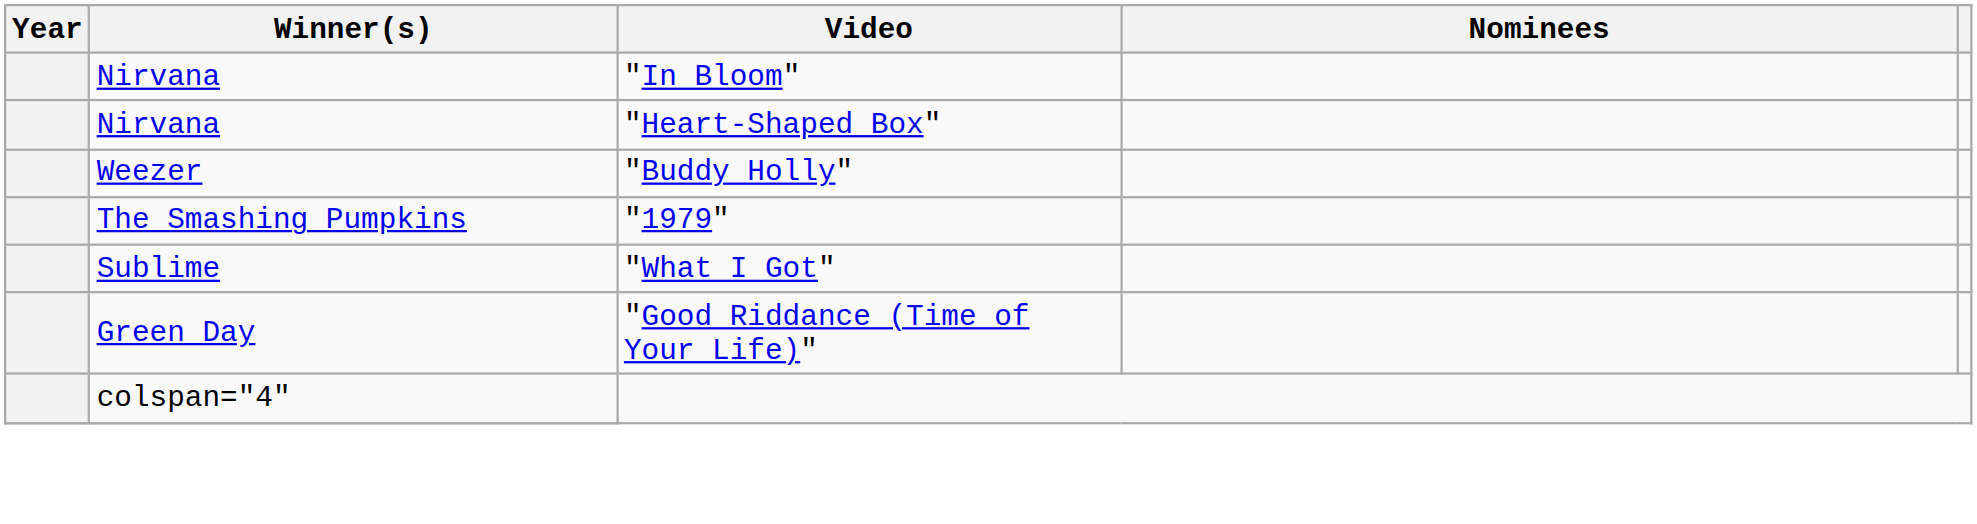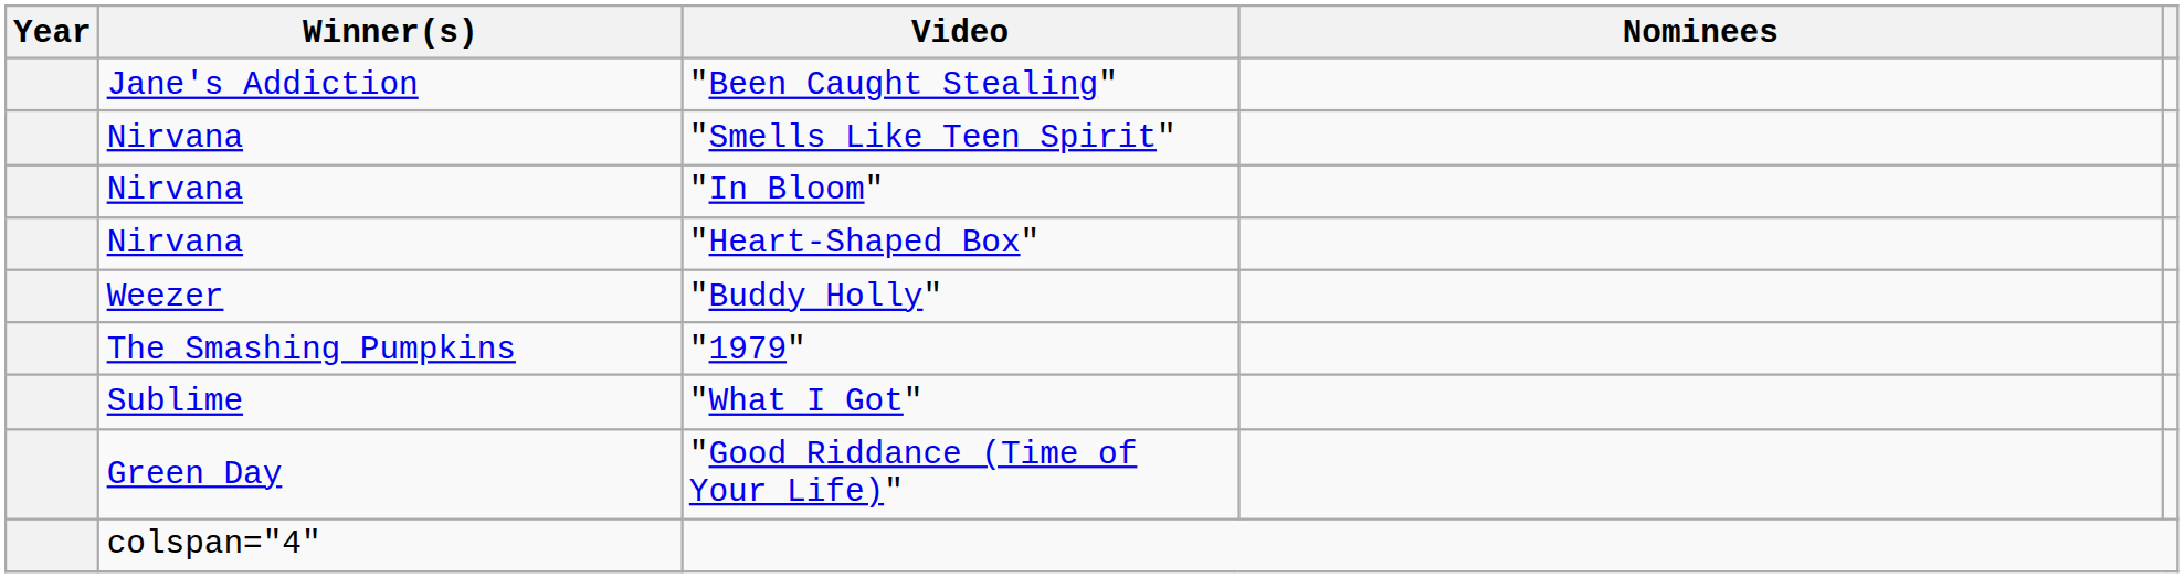 <table class="wikitable sortable">
 <tr>
 <th scope="col">Year</th>
 <th scope="col" style="width:230px;">Winner(s)</th>
 <th scope="col" style="width:220px;">Video</th>
 <th scope="col" style="width:370px;">Nominees</th>
 <th scope="col" class="unsortable"></th>
+</tr>
+<tr>
+<th scope="row"></th>
+<td><a href='#'>Jane's Addiction</a></td>
+<td>"<a href='#'>Been Caught Stealing</a>"</td>
+<td></td>
+<td align="center"></td>
+</tr>
+<tr>
+<th scope="row"></th>
+<td><a href='#'>Nirvana</a></td>
+<td>"<a href='#'>Smells Like Teen Spirit</a>"</td>
+<td></td>
+<td align="center"></td>
 </tr>
 <tr>
 <th scope="row"></th>
 <td><a href='#'>Nirvana</a></td>
 <td>"<a href='#'>In Bloom</a>"</td>
 <td></td>
 <td align="center"></td>
 </tr>
 <tr>
 <th scope="row"></th>
 <td><a href='#'>Nirvana</a></td>
 <td>"<a href='#'>Heart-Shaped Box</a>"</td>
 <td></td>
 <td align="center"></td>
 </tr>
 <tr>
 <th scope="row"></th>
 <td><a href='#'>Weezer</a></td>
 <td>"<a href='#'>Buddy Holly</a>"</td>
 <td></td>
 <td align="center"></td>
 </tr>
 <tr>
 <th scope="row"></th>
 <td><a href='#'>The Smashing Pumpkins</a></td>
 <td>"<a href='#'>1979</a>"</td>
 <td></td>
 <td align="center"></td>
 </tr>
 <tr>
 <th scope="row"></th>
 <td><a href='#'>Sublime</a></td>
 <td>"<a href='#'>What I Got</a>"</td>
 <td></td>
 <td align="center"></td>
 </tr>
 <tr>
 <th scope="row"></th>
 <td><a href='#'>Green Day</a></td>
 <td>"<a href='#'>Good Riddance (Time of Your Life)</a>"</td>
 <td></td>
 <td align="center"></td>
 </tr>
 <tr>
 <th scope="row"></th>
 <td>colspan="4" </td>
 </tr>
 <tr>
 </tr>
 </table>
